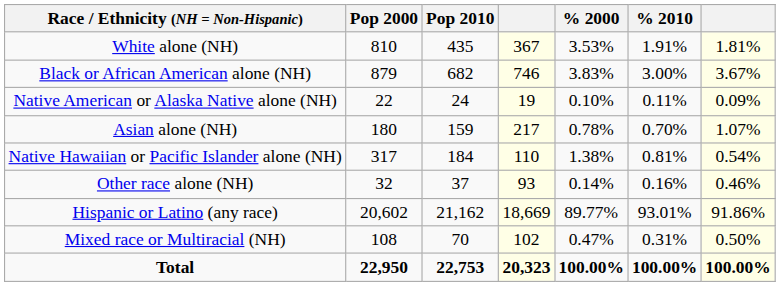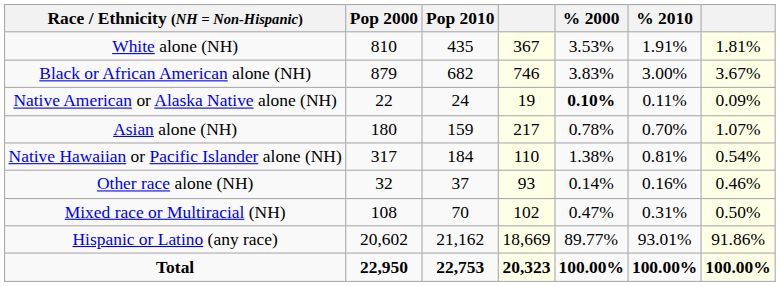 <table class="wikitable" style="text-align:center;">
 <tr>
 <th>Race / Ethnicity <small>(<em>NH = Non-Hispanic</em>)</small></th>
 <th>Pop 2000</th>
 <th>Pop 2010</th>
 <th></th>
 <th>% 2000</th>
 <th>% 2010</th>
 <th></th>
 </tr>
 <tr>
 <td><a href='#'>White</a> alone (NH)</td>
 <td>810</td>
 <td>435</td>
 <td style='background: #ffffe6;'>367</td>
 <td>3.53%</td>
 <td>1.91%</td>
 <td style='background: #ffffe6;'>1.81%</td>
 </tr>
 <tr>
 <td><a href='#'>Black or African American</a> alone (NH)</td>
 <td>879</td>
 <td>682</td>
 <td style='background: #ffffe6;'>746</td>
 <td>3.83%</td>
 <td>3.00%</td>
 <td style='background: #ffffe6;'>3.67%</td>
 </tr>
 <tr>
 <td><a href='#'>Native American</a> or <a href='#'>Alaska Native</a> alone (NH)</td>
 <td>22</td>
 <td>24</td>
 <td style='background: #ffffe6;'>19</td>
-<td>0.10%</td>
+<td><strong>0.10%</strong></td>
 <td>0.11%</td>
 <td style='background: #ffffe6;'>0.09%</td>
 </tr>
 <tr>
 <td><a href='#'>Asian</a> alone (NH)</td>
 <td>180</td>
 <td>159</td>
 <td style='background: #ffffe6;'>217</td>
 <td>0.78%</td>
 <td>0.70%</td>
 <td style='background: #ffffe6;'>1.07%</td>
 </tr>
 <tr>
 <td><a href='#'>Native Hawaiian</a> or <a href='#'>Pacific Islander</a> alone (NH)</td>
 <td>317</td>
 <td>184</td>
 <td style='background: #ffffe6;'>110</td>
 <td>1.38%</td>
 <td>0.81%</td>
 <td style='background: #ffffe6;'>0.54%</td>
 </tr>
 <tr>
 <td><a href='#'>Other race</a> alone (NH)</td>
 <td>32</td>
 <td>37</td>
 <td style='background: #ffffe6;'>93</td>
 <td>0.14%</td>
 <td>0.16%</td>
 <td style='background: #ffffe6;'>0.46%</td>
 </tr>
 <tr>
+<td><a href='#'>Mixed race or Multiracial</a> (NH)</td>
+<td>108</td>
+<td>70</td>
+<td style='background: #ffffe6;'>102</td>
+<td>0.47%</td>
+<td>0.31%</td>
+<td style='background: #ffffe6;'>0.50%</td>
+</tr>
+<tr>
 <td><a href='#'>Hispanic or Latino</a> (any race)</td>
 <td>20,602</td>
 <td>21,162</td>
 <td style='background: #ffffe6;'>18,669</td>
 <td>89.77%</td>
 <td>93.01%</td>
 <td style='background: #ffffe6;'>91.86%</td>
-</tr>
-<tr>
-<td><a href='#'>Mixed race or Multiracial</a> (NH)</td>
-<td>108</td>
-<td>70</td>
-<td style='background: #ffffe6;'>102</td>
-<td>0.47%</td>
-<td>0.31%</td>
-<td style='background: #ffffe6;'>0.50%</td>
 </tr>
 <tr>
 <td><strong>Total</strong></td>
 <td><strong>22,950</strong></td>
 <td><strong>22,753</strong></td>
 <td style='background: #ffffe6;'><strong>20,323</strong></td>
 <td><strong>100.00%</strong></td>
 <td><strong>100.00%</strong></td>
 <td style='background: #ffffe6;'><strong>100.00%</strong></td>
 </tr>
 </table>
